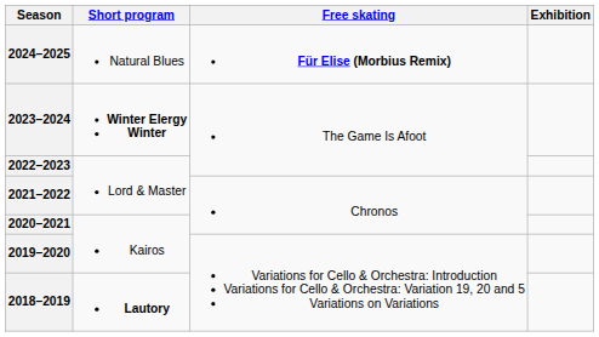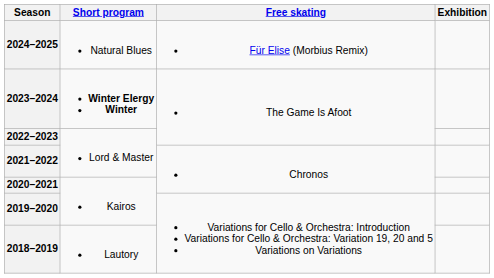 <table class=wikitable style=text-align:center>
 <tr>
 <th>Season</th>
 <th><a href='#'>Short program</a></th>
 <th><a href='#'>Free skating</a></th>
 <th>Exhibition</th>
 </tr>
 <tr>
 <th>2024–2025 <br> </th>
 <td><br><ul><li>Natural Blues <br> </li></ul></td>
-<td><strong><br><ul><li><a href='#'>Für Elise</a> (Morbius Remix) <br> </li></ul></strong></td>
+<td><br><ul><li><a href='#'>Für Elise</a> (Morbius Remix) <br> </li></ul></td>
 <td></td>
 </tr>
 <tr>
 <th>2023–2024 <br> </th>
 <td><strong><br><ul><li>Winter Elergy</li><li>Winter <br> </li></ul></strong></td>
 <td rowspan=2><br><ul><li>The Game Is Afoot <br> </li></ul></td>
 <td></td>
 </tr>
 <tr>
 <th>2022–2023 <br> </th>
 <td rowspan=2><br><ul><li>Lord & Master <br> </li></ul></td>
 <td></td>
 </tr>
 <tr>
 <th>2021–2022<br></th>
 <td rowspan=2><br><ul><li>Chronos <br> </li></ul></td>
 <td></td>
 </tr>
 <tr>
 <th>2020–2021<br> </th>
 <td rowspan=2><br><ul><li>Kairos <br> </li></ul></td>
 <td></td>
 </tr>
 <tr>
 <th>2019–2020 <br> </th>
 <td rowspan=2><br><ul><li>Variations for Cello & Orchestra: Introduction</li><li>Variations for Cello & Orchestra: Variation 19, 20 and 5</li><li>Variations on Variations <br> </li></ul></td>
 <td></td>
 </tr>
 <tr>
 <th>2018–2019 <br> </th>
-<td><strong><br><ul><li>Lautory <br> </li></ul></strong></td>
+<td><br><ul><li>Lautory <br> </li></ul></td>
 <td></td>
 </tr>
 </table>
